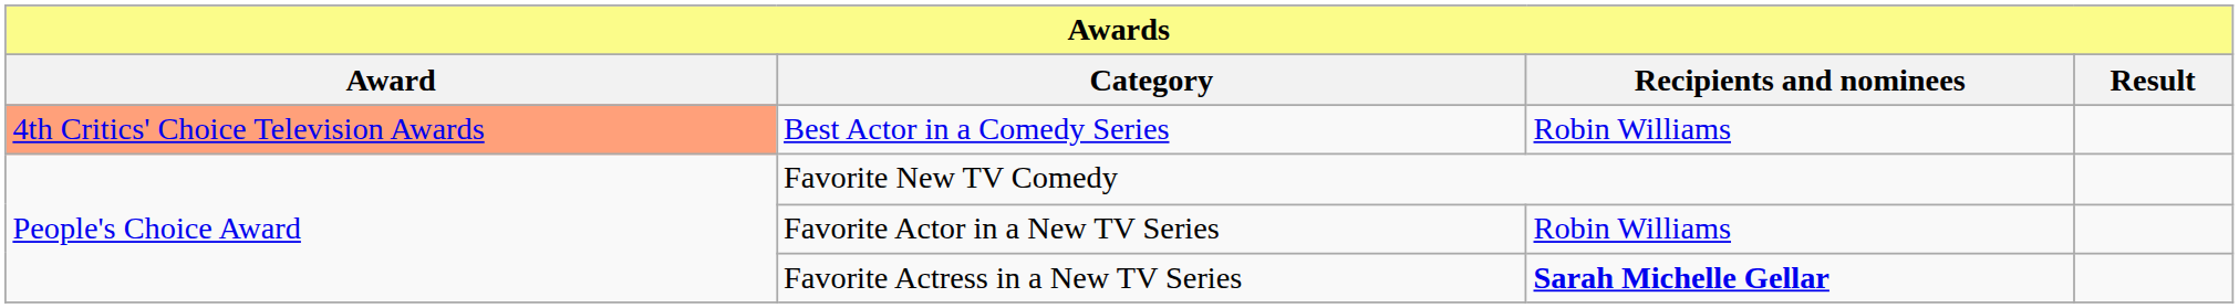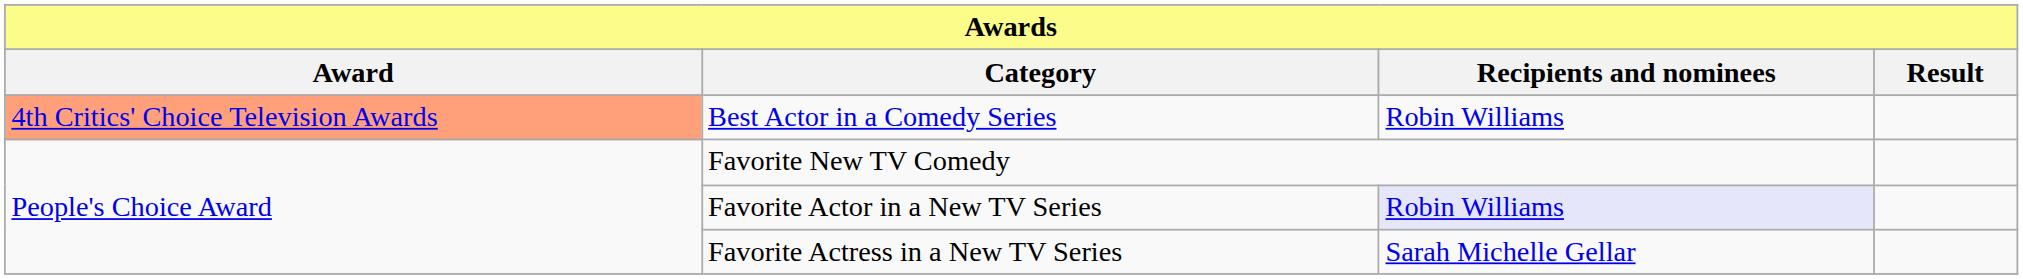 <table class="wikitable" width="90%">
 <tr>
 <th colspan="5" style="background: #FBFC8A;">Awards</th>
 </tr>
 <tr style="background:#ccc; text-align:center;">
 <th>Award</th>
 <th>Category</th>
 <th>Recipients and nominees</th>
 <th>Result</th>
 </tr>
 <tr>
 <td style="background: lightsalmon;"><a href='#'>4th Critics' Choice Television Awards</a></td>
 <td><a href='#'>Best Actor in a Comedy Series</a></td>
 <td><a href='#'>Robin Williams</a></td>
 <td></td>
 </tr>
 <tr>
 <td rowspan="3"><a href='#'>People's Choice Award</a></td>
 <td colspan="2">Favorite New TV Comedy</td>
 <td></td>
 </tr>
 <tr>
 <td>Favorite Actor in a New TV Series</td>
-<td><a href='#'>Robin Williams</a></td>
+<td style="background: lavender;"><a href='#'>Robin Williams</a></td>
 <td></td>
 </tr>
 <tr>
 <td>Favorite Actress in a New TV Series</td>
-<td><strong><a href='#'>Sarah Michelle Gellar</a></strong></td>
+<td><a href='#'>Sarah Michelle Gellar</a></td>
 <td></td>
 </tr>
 </table>
